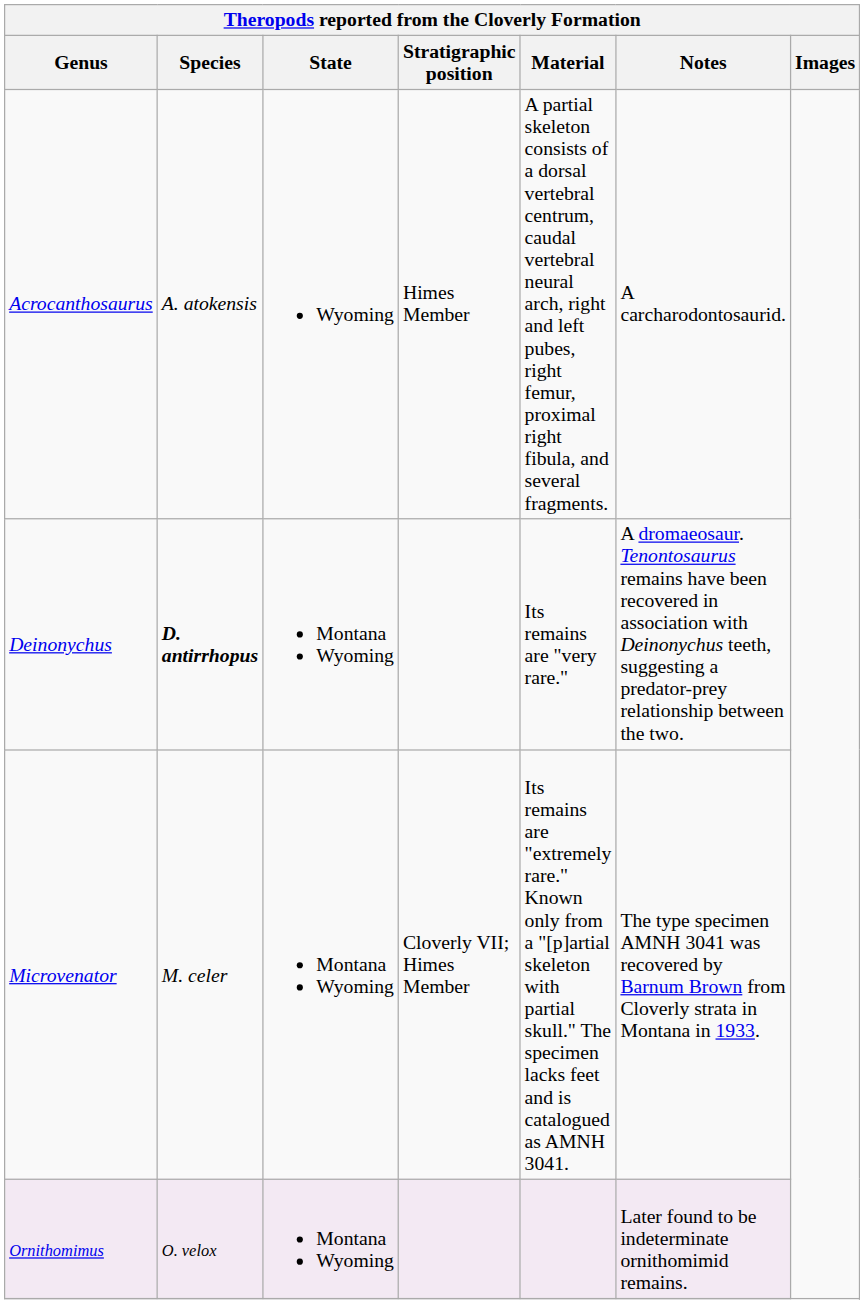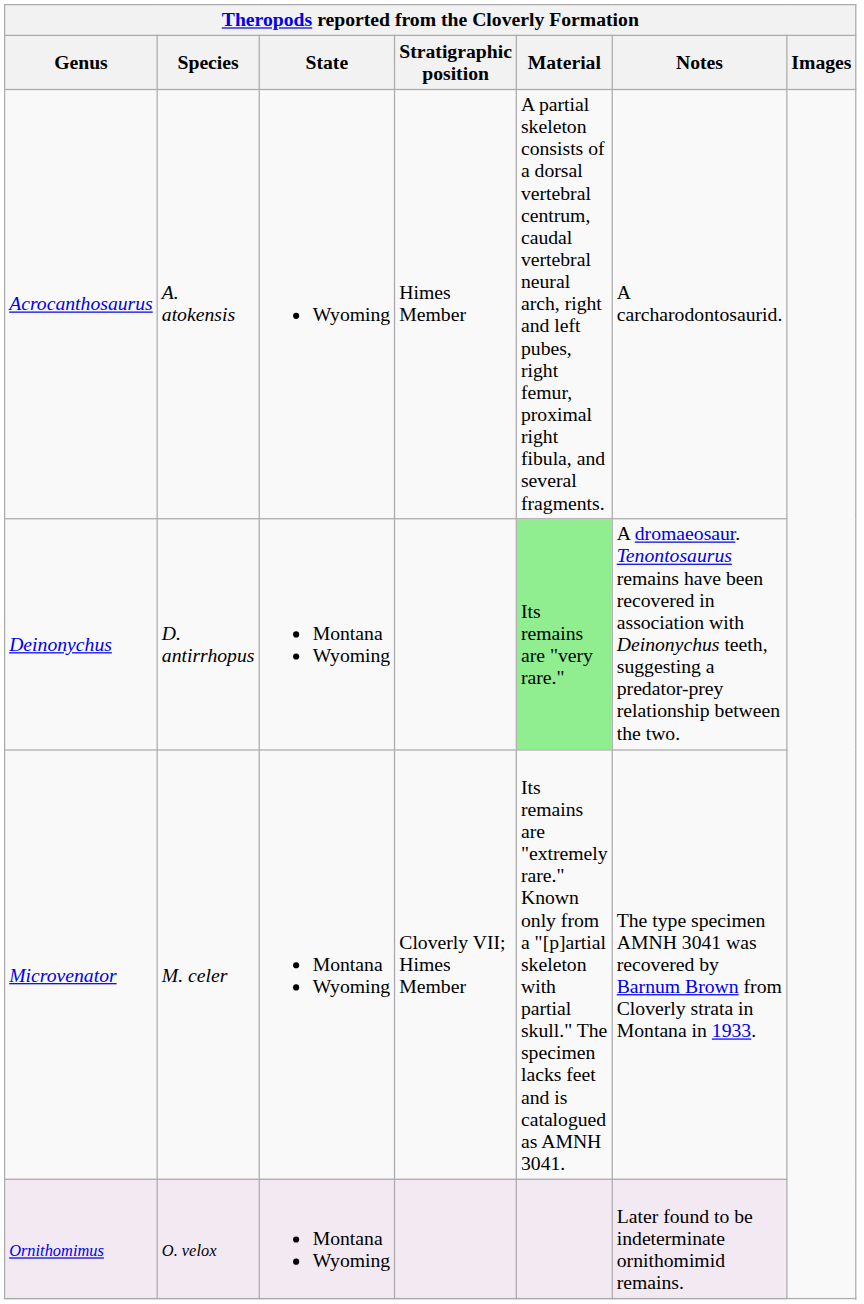 <table class="wikitable" align="center" width="100%">
 <tr>
 <th colspan="7" align="center"><strong><a href='#'>Theropods</a> reported from the Cloverly Formation</strong></th>
 </tr>
 <tr>
 <th>Genus</th>
 <th>Species</th>
 <th>State</th>
 <th>Stratigraphic position</th>
 <th width="20%">Material</th>
 <th width="30%">Notes</th>
 <th>Images</th>
 </tr>
 <tr>
 <td><em><a href='#'>Acrocanthosaurus</a></em></td>
 <td><em>A. atokensis</em></td>
 <td><br><ul><li>Wyoming</li></ul></td>
 <td>Himes Member</td>
 <td>A partial skeleton consists of a dorsal vertebral centrum, caudal vertebral neural arch, right and left pubes, right femur, proximal right fibula, and several fragments.</td>
 <td>A carcharodontosaurid.</td>
 <td rowspan="99"><br>  </td>
 </tr>
 <tr>
 <td><br><em><a href='#'>Deinonychus</a></em></td>
-<td><strong><br><em>D. antirrhopus</em></strong></td>
+<td><br><em>D. antirrhopus</em></td>
 <td><br><ul><li>Montana</li><li>Wyoming</li></ul></td>
 <td></td>
-<td><br>Its remains are "very rare."</td>
+<td style="background: lightgreen;"><br>Its remains are "very rare."</td>
 <td>A <a href='#'>dromaeosaur</a>. <em><a href='#'>Tenontosaurus</a></em> remains have been recovered in association with <em>Deinonychus</em> teeth, suggesting a predator-prey relationship between the two.</td>
 </tr>
 <tr>
 <td><br><em><a href='#'>Microvenator</a></em></td>
 <td><br><em>M. celer</em></td>
 <td><br><ul><li>Montana</li><li>Wyoming</li></ul></td>
 <td>Cloverly VII; Himes Member</td>
 <td><br>Its remains are "extremely rare." Known only from a "[p]artial skeleton with partial skull." The specimen lacks feet and is catalogued as AMNH 3041.</td>
 <td><br>The type specimen AMNH 3041 was recovered by <a href='#'>Barnum Brown</a> from Cloverly strata in Montana in <a href='#'>1933</a>.</td>
 </tr>
 <tr>
 <td style="background:#f3e9f3;"><br><small><em><a href='#'>Ornithomimus</a></em></small></td>
 <td style="background:#f3e9f3;"><br><small><em>O. velox</em></small></td>
 <td style="background:#f3e9f3;"><br><ul><li>Montana</li><li>Wyoming</li></ul></td>
 <td style="background:#f3e9f3;"></td>
 <td style="background:#f3e9f3;"></td>
 <td style="background:#f3e9f3;"><br>Later found to be indeterminate ornithomimid remains.</td>
 </tr>
 <tr>
 </tr>
 </table>
